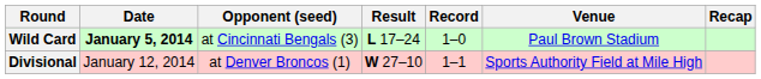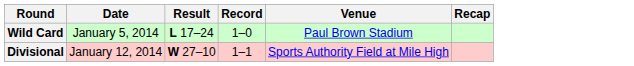 <table class="wikitable" style="text-align:center">
 <tr>
 <th>Round</th>
 <th>Date</th>
-<th>Opponent (seed)</th>
 <th>Result</th>
 <th>Record</th>
 <th>Venue</th>
 <th>Recap</th>
 </tr>
 <tr style="background:#cfc">
 <th>Wild Card</th>
-<td><strong>January 5, 2014</strong></td>
-<td>at <a href='#'>Cincinnati Bengals</a> (3)</td>
+<td>January 5, 2014</td>
 <td><strong>L</strong> 17–24</td>
 <td>1–0</td>
 <td><a href='#'>Paul Brown Stadium</a></td>
 <td></td>
 </tr>
 <tr style="background:#fcc">
 <th>Divisional</th>
 <td>January 12, 2014</td>
-<td>at <a href='#'>Denver Broncos</a> (1)</td>
 <td><strong>W</strong> 27–10</td>
 <td>1–1</td>
 <td><a href='#'>Sports Authority Field at Mile High</a></td>
 <td></td>
 </tr>
 </table>
